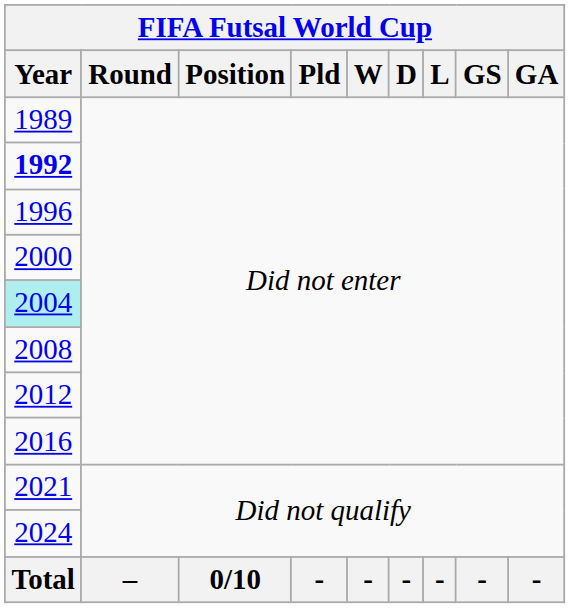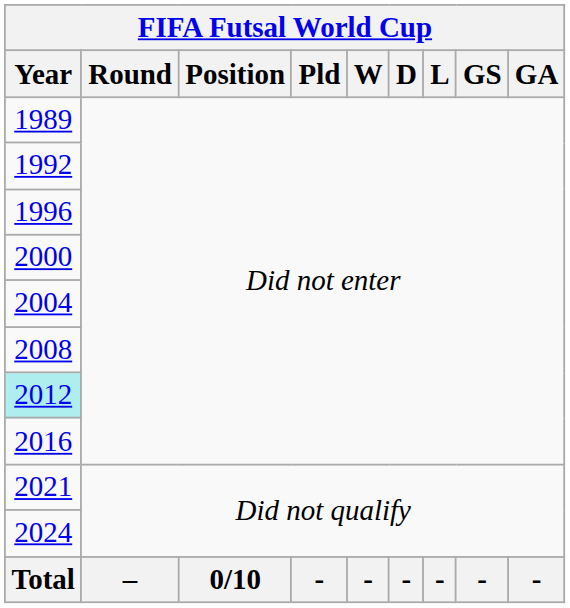 <table class="wikitable" style="text-align: center">
 <tr>
 <th colspan="9"><a href='#'>FIFA Futsal World Cup</a></th>
 </tr>
 <tr>
 <th>Year</th>
 <th>Round</th>
 <th>Position</th>
 <th>Pld</th>
 <th>W</th>
 <th>D</th>
 <th>L</th>
 <th>GS</th>
 <th>GA</th>
 </tr>
 <tr>
 <td> <a href='#'>1989</a></td>
 <td rowspan=8; colspan="8"><em>Did not enter</em></td>
 </tr>
 <tr>
-<td><strong> <a href='#'>1992</a></strong></td>
+<td> <a href='#'>1992</a></td>
 </tr>
 <tr>
 <td> <a href='#'>1996</a></td>
 </tr>
 <tr>
 <td> <a href='#'>2000</a></td>
 </tr>
 <tr>
-<td style="background: paleturquoise;"> <a href='#'>2004</a></td>
+<td> <a href='#'>2004</a></td>
 </tr>
 <tr>
 <td> <a href='#'>2008</a></td>
 </tr>
 <tr>
-<td> <a href='#'>2012</a></td>
+<td style="background: paleturquoise;"> <a href='#'>2012</a></td>
 </tr>
 <tr>
 <td> <a href='#'>2016</a></td>
 </tr>
 <tr>
 <td> <a href='#'>2021</a></td>
 <td rowspan=2; colspan="8"><em>Did not qualify</em></td>
 </tr>
 <tr>
 <td> <a href='#'>2024</a></td>
 </tr>
 <tr>
 <th>Total</th>
 <th>–</th>
 <th>0/10</th>
 <th>-</th>
 <th>-</th>
 <th>-</th>
 <th>-</th>
 <th>-</th>
 <th>-</th>
 </tr>
 </table>
